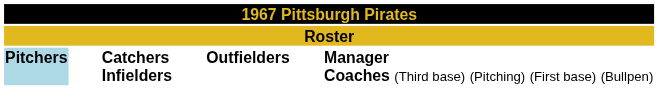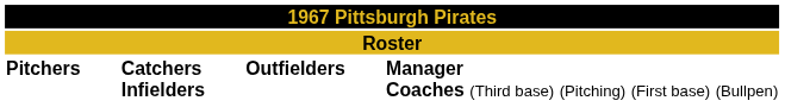 <table class="toccolours" style="font-size: 95%;">
 <tr>
 <th colspan="10" style="background-color: black; color: #e1b81e; text-align: center;">1967 Pittsburgh Pirates</th>
 </tr>
 <tr>
 <td colspan="10" style="background-color: #e1b81e; color: black; text-align: center;"><strong>Roster</strong></td>
 </tr>
 <tr>
-<td valign="top" style="background: lightblue;"><strong>Pitchers</strong><br>               </td>
+<td valign="top"><strong>Pitchers</strong><br>               </td>
 <td width="25px"></td>
 <td valign="top"><strong>Catchers</strong><br>    <strong>Infielders</strong>       </td>
 <td width="25px"></td>
 <td valign="top"><strong>Outfielders</strong><br>      </td>
 <td width="25px"></td>
 <td valign="top"><strong>Manager</strong><br>  <strong>Coaches</strong>  <small>(Third base)</small>  <small>(Pitching)</small>  <small>(First base)</small>  <small>(Bullpen)</small></td>
 </tr>
 </table>
